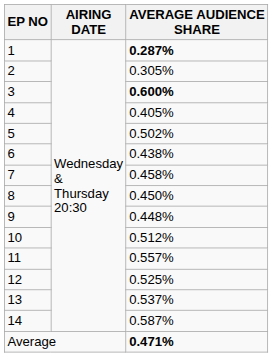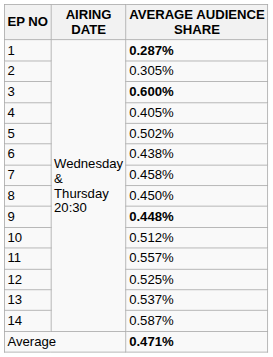 <table class="wikitable">
 <tr>
 <th>EP NO</th>
 <th>AIRING<br>DATE</th>
 <th>AVERAGE AUDIENCE<br>SHARE</th>
 </tr>
 <tr>
 <td>1</td>
 <td rowspan="14">Wednesday<br>&<br>Thursday<br>20:30</td>
 <td><span><strong>0.287%</strong></span></td>
 </tr>
 <tr>
 <td>2</td>
 <td>0.305%</td>
 </tr>
 <tr>
 <td>3</td>
 <td><span><strong>0.600%</strong></span></td>
 </tr>
 <tr>
 <td>4</td>
 <td>0.405%</td>
 </tr>
 <tr>
 <td>5</td>
 <td>0.502%</td>
 </tr>
 <tr>
 <td>6</td>
 <td>0.438%</td>
 </tr>
 <tr>
 <td>7</td>
 <td>0.458%</td>
 </tr>
 <tr>
 <td>8</td>
 <td>0.450%</td>
 </tr>
 <tr>
 <td>9</td>
-<td>0.448%</td>
+<td><strong>0.448%</strong></td>
 </tr>
 <tr>
 <td>10</td>
 <td>0.512%</td>
 </tr>
 <tr>
 <td>11</td>
 <td>0.557%</td>
 </tr>
 <tr>
 <td>12</td>
 <td>0.525%</td>
 </tr>
 <tr>
 <td>13</td>
 <td>0.537%</td>
 </tr>
 <tr>
 <td>14</td>
 <td>0.587%</td>
 </tr>
 <tr>
 <td colspan="2">Average</td>
 <td><strong>0.471%</strong></td>
 </tr>
 </table>
